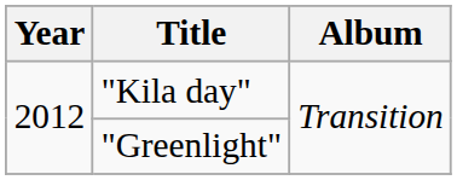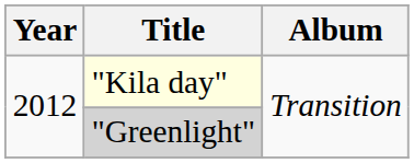 <table class="wikitable">
 <tr>
 <th>Year</th>
 <th>Title</th>
 <th>Album</th>
 </tr>
 <tr>
 <td rowspan="2">2012</td>
-<td style="text-align:left;">"Kila day"</td>
+<td style="background: lightyellow; text-align:left;">"Kila day"</td>
 <td rowspan="2"><em>Transition</em></td>
 </tr>
 <tr>
-<td style="text-align:left;">"Greenlight"</td>
+<td style="background: lightgrey; text-align:left;">"Greenlight"</td>
 </tr>
 </table>
